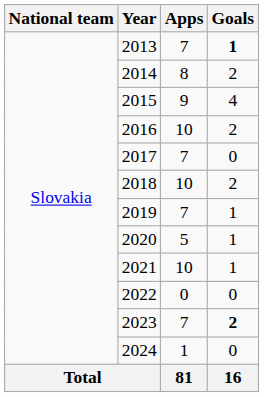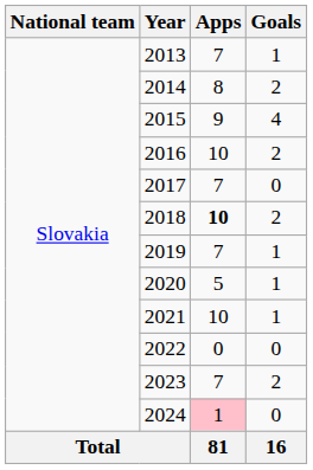 <table class="wikitable" style="text-align:center">
 <tr>
 <th>National team</th>
 <th>Year</th>
 <th>Apps</th>
 <th>Goals</th>
 </tr>
 <tr>
 <td rowspan="12"><a href='#'>Slovakia</a></td>
 <td>2013</td>
 <td>7</td>
-<td><strong>1</strong></td>
+<td>1</td>
 </tr>
 <tr>
 <td>2014</td>
 <td>8</td>
 <td>2</td>
 </tr>
 <tr>
 <td>2015</td>
 <td>9</td>
 <td>4</td>
 </tr>
 <tr>
 <td>2016</td>
 <td>10</td>
 <td>2</td>
 </tr>
 <tr>
 <td>2017</td>
 <td>7</td>
 <td>0</td>
 </tr>
 <tr>
 <td>2018</td>
-<td>10</td>
+<td><strong>10</strong></td>
 <td>2</td>
 </tr>
 <tr>
 <td>2019</td>
 <td>7</td>
 <td>1</td>
 </tr>
 <tr>
 <td>2020</td>
 <td>5</td>
 <td>1</td>
 </tr>
 <tr>
 <td>2021</td>
 <td>10</td>
 <td>1</td>
 </tr>
 <tr>
 <td>2022</td>
 <td>0</td>
 <td>0</td>
 </tr>
 <tr>
 <td>2023</td>
 <td>7</td>
-<td><strong>2</strong></td>
+<td>2</td>
 </tr>
 <tr>
 <td>2024</td>
-<td>1</td>
+<td style="background: pink;">1</td>
 <td>0</td>
 </tr>
 <tr>
 <th colspan="2">Total</th>
 <th>81</th>
 <th>16</th>
 </tr>
 </table>
